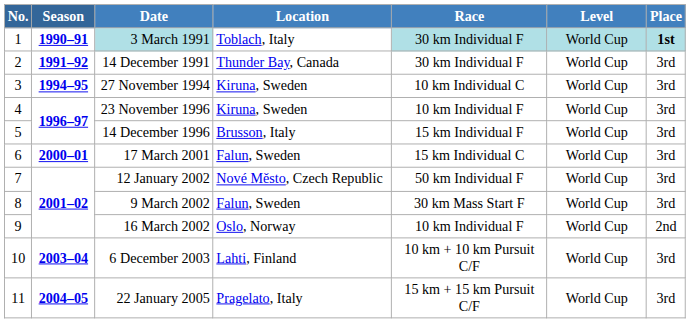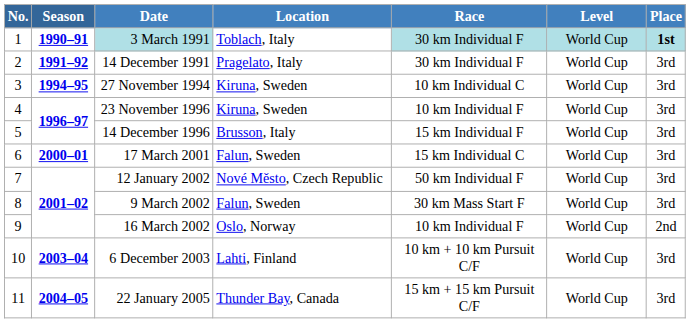 <table class="wikitable sortable" style="font-size:95%; text-align:center; border:grey solid 1px; border-collapse:collapse; background:#ffffff;">
 <tr style="background:#efefef;">
 <th style="background-color:#369; color:white;">No.</th>
 <th style="background-color:#369; color:white;">Season</th>
 <th style="background-color:#4180be; color:white; width:120px;">Date</th>
 <th style="background-color:#4180be; color:white; width:185px;">Location</th>
 <th style="background-color:#4180be; color:white; width:160px;">Race</th>
 <th style="background-color:#4180be; color:white; width:100px;">Level</th>
 <th style="background-color:#4180be; color:white;">Place</th>
 </tr>
 <tr>
 <td align=center>1</td>
 <td rowspan=1 align=center><strong><a href='#'>1990–91</a></strong></td>
 <td bgcolor="#BOEOE6" align=right>3 March 1991</td>
 <td align=left> <a href='#'>Toblach</a>, Italy</td>
 <td bgcolor="#BOEOE6">30 km Individual F</td>
 <td bgcolor="#BOEOE6">World Cup</td>
 <td bgcolor="#BOEOE6"><strong>1st</strong></td>
 </tr>
 <tr>
 <td align=center>2</td>
 <td rowspan=1 align=center><strong> <a href='#'>1991–92</a> </strong></td>
 <td align=right>14 December 1991</td>
-<td align=left> <a href='#'>Thunder Bay</a>, Canada</td>
+<td align=left> <a href='#'>Pragelato</a>, Italy</td>
 <td>30 km Individual F</td>
 <td>World Cup</td>
 <td>3rd</td>
 </tr>
 <tr>
 <td align=center>3</td>
 <td rowspan=1 align=center><strong> <a href='#'>1994–95</a> </strong></td>
 <td align=right>27 November 1994</td>
 <td align=left> <a href='#'>Kiruna</a>, Sweden</td>
 <td>10 km Individual C</td>
 <td>World Cup</td>
 <td>3rd</td>
 </tr>
 <tr>
 <td align=center>4</td>
 <td rowspan=2 align=center><strong> <a href='#'>1996–97</a> </strong></td>
 <td align=right>23 November 1996</td>
 <td align=left> <a href='#'>Kiruna</a>, Sweden</td>
 <td>10 km Individual F</td>
 <td>World Cup</td>
 <td>3rd</td>
 </tr>
 <tr>
 <td align=center>5</td>
 <td align=right>14 December 1996</td>
 <td align=left> <a href='#'>Brusson</a>, Italy</td>
 <td>15 km Individual F</td>
 <td>World Cup</td>
 <td>3rd</td>
 </tr>
 <tr>
 <td align=center>6</td>
 <td rowspan=1 align=center><strong> <a href='#'>2000–01</a> </strong></td>
 <td align=right>17 March 2001</td>
 <td align=left> <a href='#'>Falun</a>, Sweden</td>
 <td>15 km Individual C</td>
 <td>World Cup</td>
 <td>3rd</td>
 </tr>
 <tr>
 <td align=center>7</td>
 <td rowspan=3 align=center><strong> <a href='#'>2001–02</a> </strong></td>
 <td align=right>12 January 2002</td>
 <td align=left> <a href='#'>Nové Město</a>, Czech Republic</td>
 <td>50 km Individual F</td>
 <td>World Cup</td>
 <td>3rd</td>
 </tr>
 <tr>
 <td align=center>8</td>
 <td align=right>9 March 2002</td>
 <td align=left> <a href='#'>Falun</a>, Sweden</td>
 <td>30 km Mass Start F</td>
 <td>World Cup</td>
 <td>3rd</td>
 </tr>
 <tr>
 <td align=center>9</td>
 <td align=right>16 March 2002</td>
 <td align=left> <a href='#'>Oslo</a>, Norway</td>
 <td>10 km Individual F</td>
 <td>World Cup</td>
 <td>2nd</td>
 </tr>
 <tr>
 <td align=center>10</td>
 <td rowspan=1 align=center><strong> <a href='#'>2003–04</a> </strong></td>
 <td align=right>6 December 2003</td>
 <td align=left> <a href='#'>Lahti</a>, Finland</td>
 <td>10 km + 10 km Pursuit C/F</td>
 <td>World Cup</td>
 <td>3rd</td>
 </tr>
 <tr>
 <td align=center>11</td>
 <td rowspan=1 align=center><strong> <a href='#'>2004–05</a> </strong></td>
 <td align=right>22 January 2005</td>
-<td align=left> <a href='#'>Pragelato</a>, Italy</td>
+<td align=left> <a href='#'>Thunder Bay</a>, Canada</td>
 <td>15 km + 15 km Pursuit C/F</td>
 <td>World Cup</td>
 <td>3rd</td>
 </tr>
 </table>
